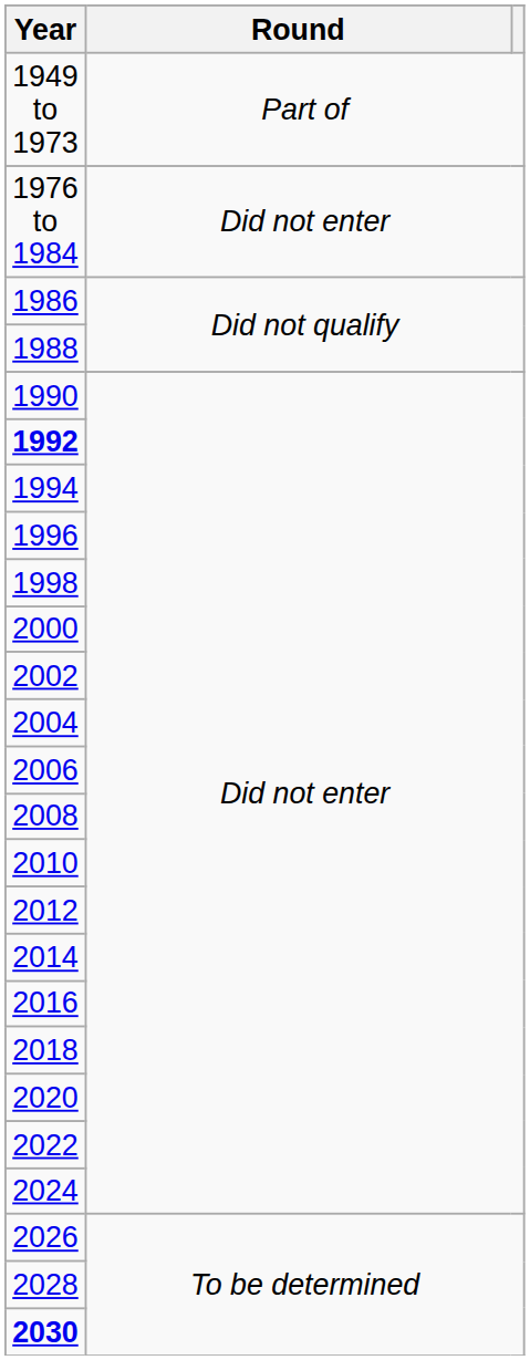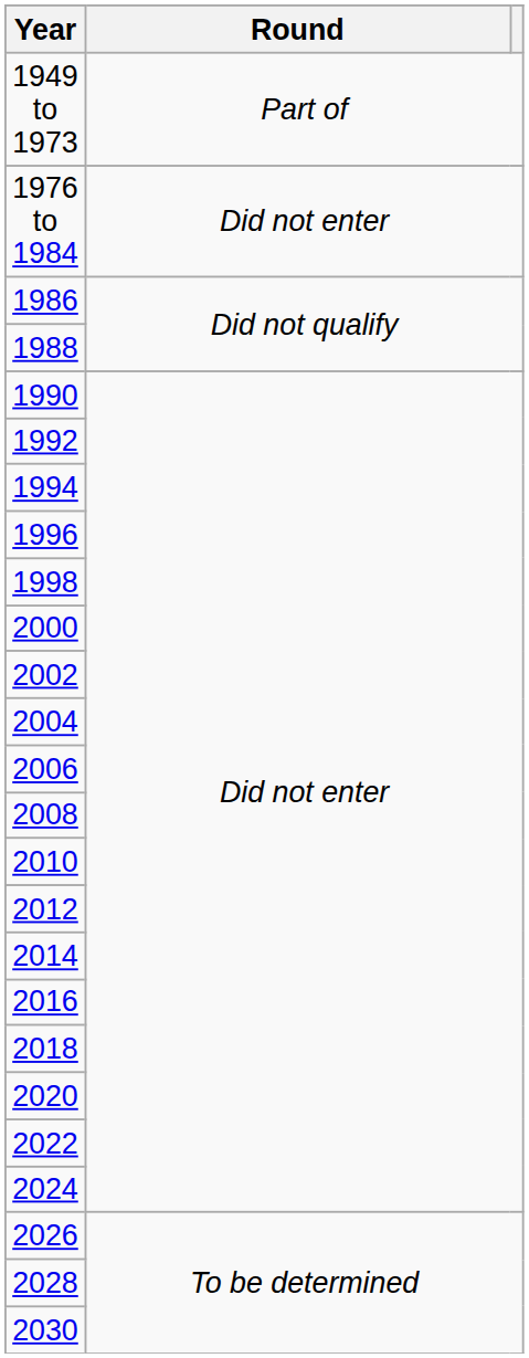 <table class="wikitable" style="text-align: center; font-size:90%">
 <tr>
 <th>Year</th>
 <th style="width:200px">Round</th>
 <th></th>
 </tr>
 <tr>
 <td>1949<br>to<br>1973</td>
 <td colspan="2"><em>Part of </em></td>
 </tr>
 <tr>
 <td>1976<br>to<br><a href='#'>1984</a></td>
 <td colspan="2"><em>Did not enter</em></td>
 </tr>
 <tr>
 <td><a href='#'>1986</a></td>
 <td colspan="2" rowspan="2"><em>Did not qualify</em></td>
 </tr>
 <tr>
 <td><a href='#'>1988</a></td>
 </tr>
 <tr>
 <td><a href='#'>1990</a></td>
 <td colspan="2" rowspan="18"><em>Did not enter</em></td>
 </tr>
 <tr>
-<td><strong><a href='#'>1992</a></strong></td>
+<td><a href='#'>1992</a></td>
 </tr>
 <tr>
 <td><a href='#'>1994</a></td>
 </tr>
 <tr>
 <td><a href='#'>1996</a></td>
 </tr>
 <tr>
 <td><a href='#'>1998</a></td>
 </tr>
 <tr>
 <td><a href='#'>2000</a></td>
 </tr>
 <tr>
 <td><a href='#'>2002</a></td>
 </tr>
 <tr>
 <td><a href='#'>2004</a></td>
 </tr>
 <tr>
 <td><a href='#'>2006</a></td>
 </tr>
 <tr>
 <td><a href='#'>2008</a></td>
 </tr>
 <tr>
 <td><a href='#'>2010</a></td>
 </tr>
 <tr>
 <td><a href='#'>2012</a></td>
 </tr>
 <tr>
 <td><a href='#'>2014</a></td>
 </tr>
 <tr>
 <td><a href='#'>2016</a></td>
 </tr>
 <tr>
 <td><a href='#'>2018</a></td>
 </tr>
 <tr>
 <td><a href='#'>2020</a></td>
 </tr>
 <tr>
 <td><a href='#'>2022</a></td>
 </tr>
 <tr>
 <td><a href='#'>2024</a></td>
 </tr>
 <tr>
 <td><a href='#'>2026</a></td>
 <td colspan="2" rowspan="3"><em>To be determined</em></td>
 </tr>
 <tr>
 <td><a href='#'>2028</a></td>
 </tr>
 <tr>
-<td><strong><a href='#'>2030</a></strong></td>
+<td><a href='#'>2030</a></td>
 </tr>
 </table>
